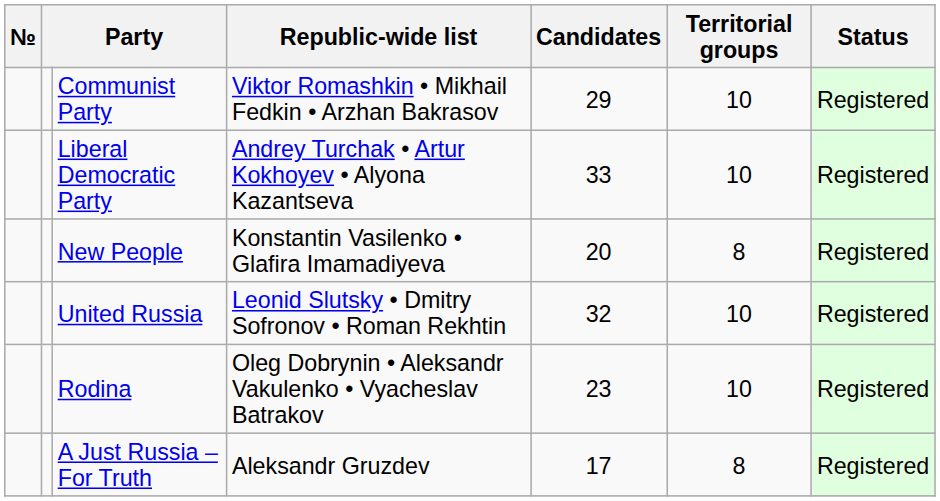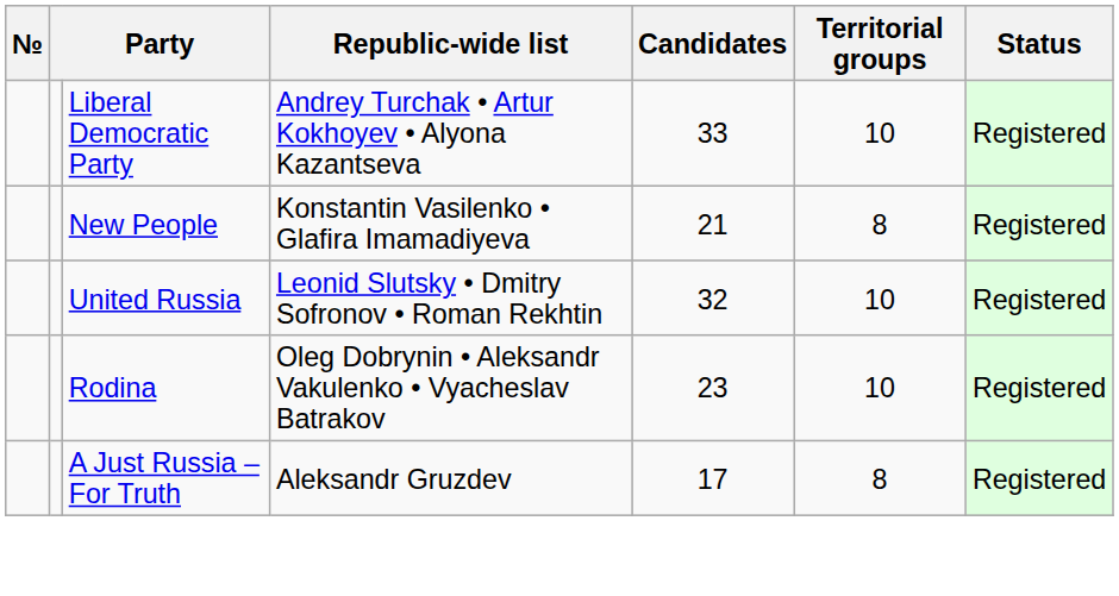 <table class="wikitable sortable" style="background: #f9f9f9; text-align:right; font-size: 95%">
 <tr>
 <th align=center>№</th>
 <th colspan="2">Party</th>
 <th align=center>Republic-wide list</th>
 <th align=center>Candidates</th>
 <th align=center>Territorial groups</th>
 <th align=center>Status</th>
-</tr>
-<tr>
-<td align=center></td>
-<td style="background-color:"></td>
-<td align=left><a href='#'>Communist Party</a></td>
-<td align=left><a href='#'>Viktor Romashkin</a> • Mikhail Fedkin • Arzhan Bakrasov</td>
-<td align=center>29</td>
-<td align=center>10</td>
-<td align=center bgcolor="#DFFFDF">Registered</td>
 </tr>
 <tr>
 <td align=center></td>
 <td style="background-color:"></td>
 <td align=left><a href='#'>Liberal Democratic Party</a></td>
 <td align=left><a href='#'>Andrey Turchak</a> • <a href='#'>Artur Kokhoyev</a> • Alyona Kazantseva</td>
 <td align=center>33</td>
 <td align=center>10</td>
 <td align=center bgcolor="#DFFFDF">Registered</td>
 </tr>
 <tr>
 <td align=center></td>
 <td style="background-color:"></td>
 <td align=left><a href='#'>New People</a></td>
 <td align=left>Konstantin Vasilenko • Glafira Imamadiyeva</td>
-<td align=center>20</td>
+<td align=center>21</td>
 <td align=center>8</td>
 <td align=center bgcolor="#DFFFDF">Registered</td>
 </tr>
 <tr>
 <td align=center></td>
 <td style="background-color:"></td>
 <td align=left><a href='#'>United Russia</a></td>
 <td align=left><a href='#'>Leonid Slutsky</a> • Dmitry Sofronov • Roman Rekhtin</td>
 <td align=center>32</td>
 <td align=center>10</td>
 <td align=center bgcolor="#DFFFDF">Registered</td>
 </tr>
 <tr>
 <td align=center></td>
 <td style="background-color:"></td>
 <td align=left><a href='#'>Rodina</a></td>
 <td align=left>Oleg Dobrynin • Aleksandr Vakulenko • Vyacheslav Batrakov</td>
 <td align=center>23</td>
 <td align=center>10</td>
 <td align=center bgcolor="#DFFFDF">Registered</td>
 </tr>
 <tr>
 <td align=center></td>
 <td style="background-color:"></td>
 <td align=left><a href='#'>A Just Russia – For Truth</a></td>
 <td align=left>Aleksandr Gruzdev</td>
 <td align=center>17</td>
 <td align=center>8</td>
 <td align=center bgcolor="#DFFFDF">Registered</td>
 </tr>
 </table>
